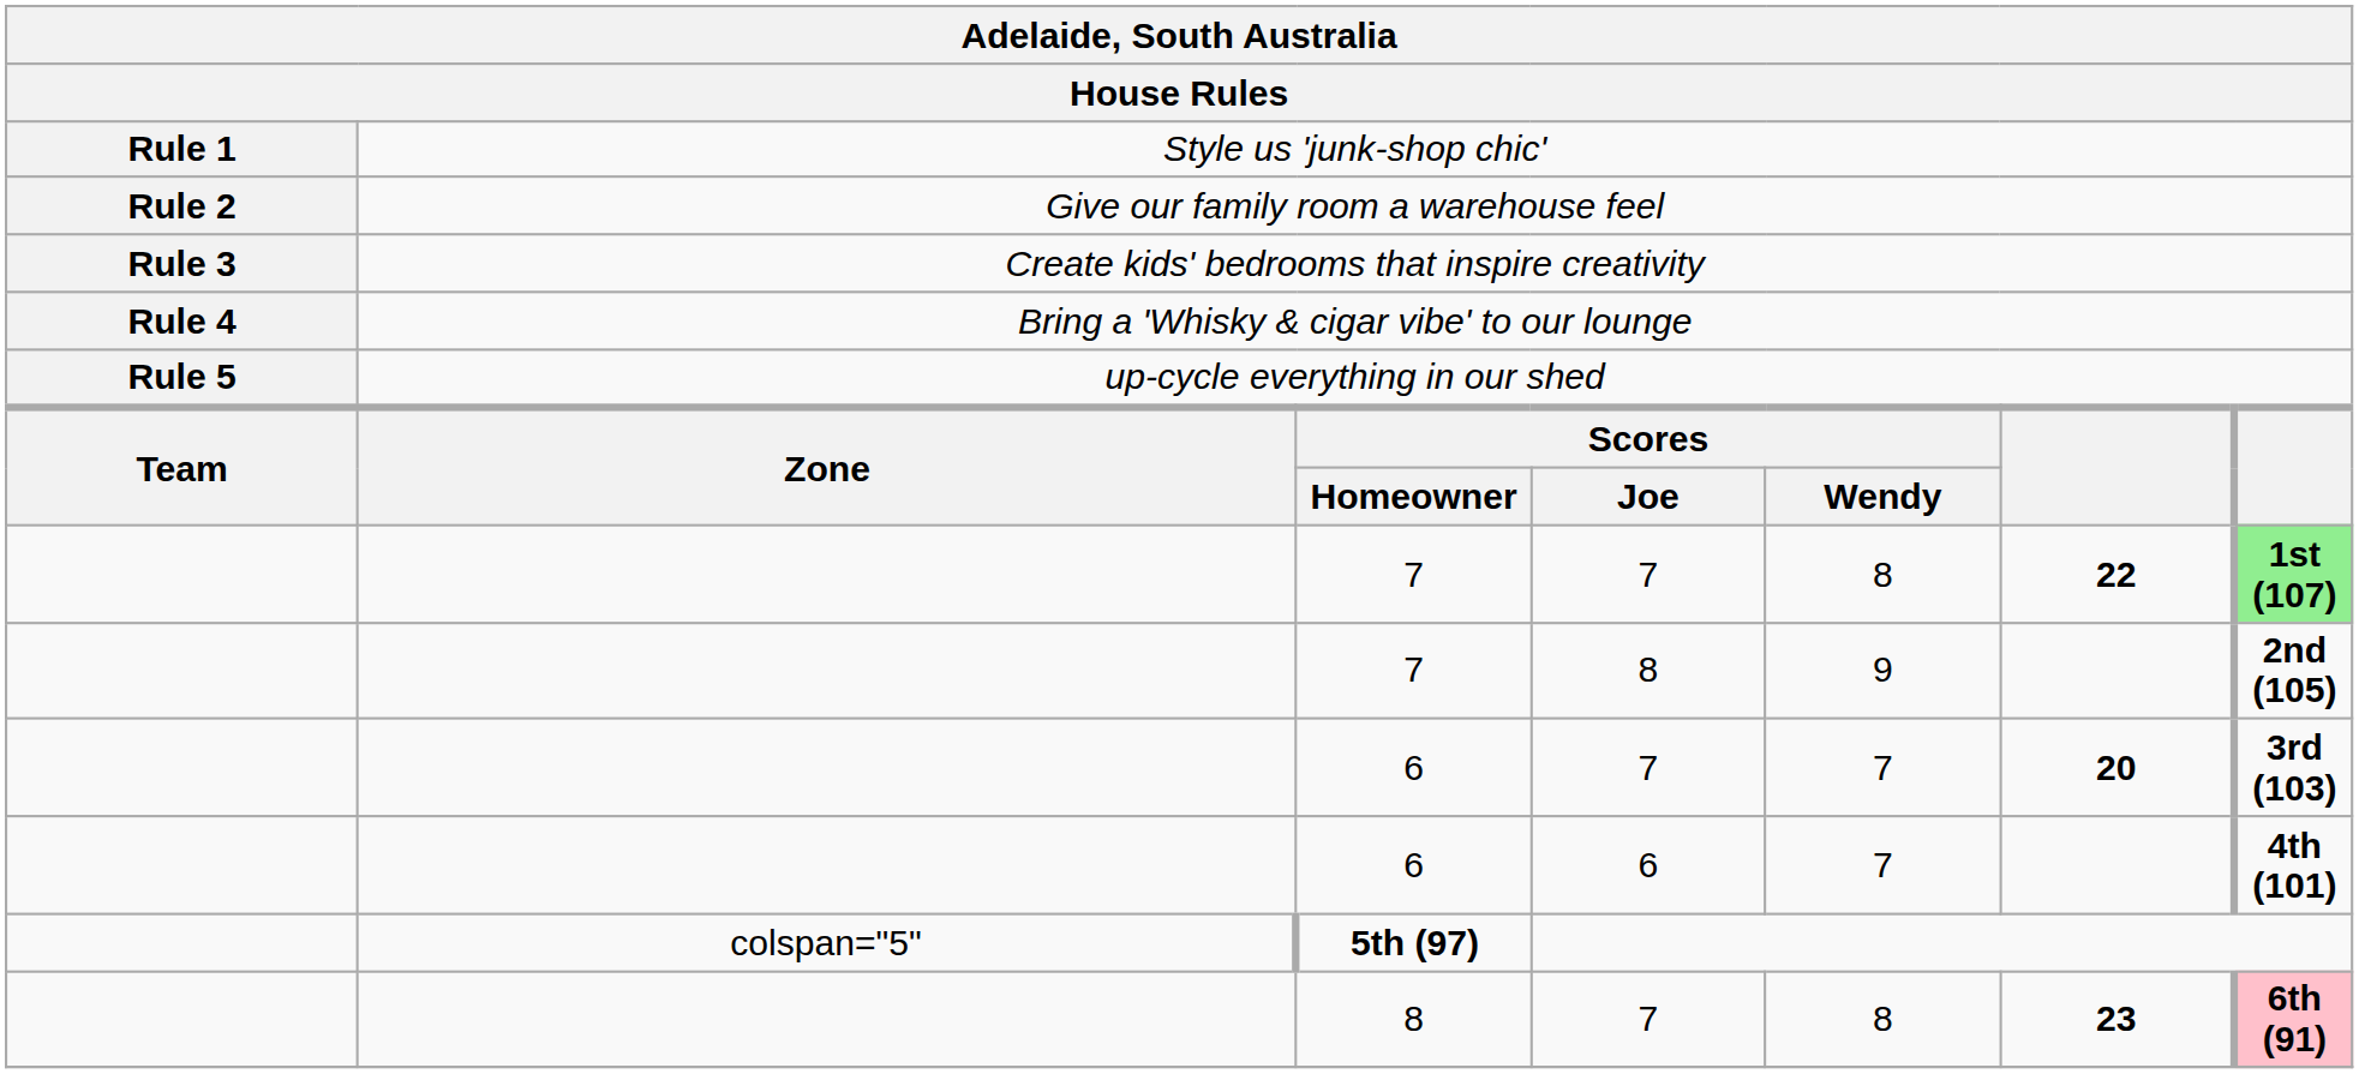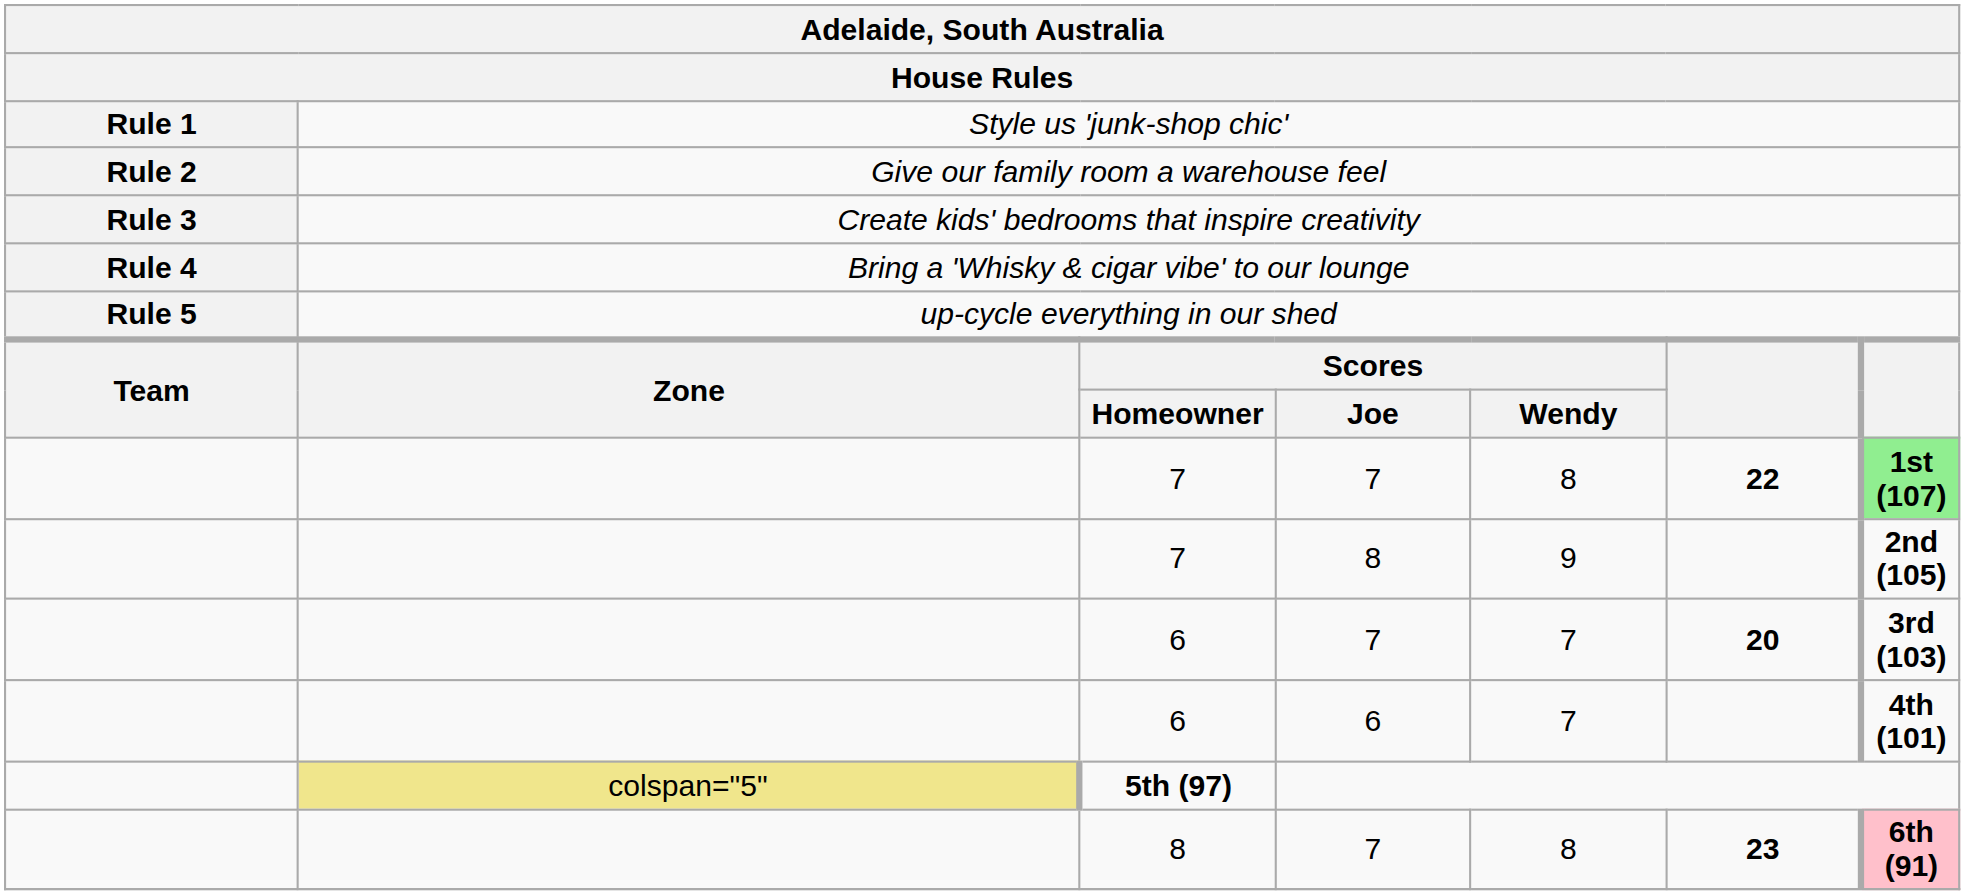 <table class="wikitable plainrowheaders" style="text-align:center; font-size:90%; width:65em;">
 <tr>
 <th colspan="7" >Adelaide, South Australia</th>
 </tr>
 <tr>
 <th colspan="7">House Rules</th>
 </tr>
 <tr>
 <th>Rule 1</th>
 <td colspan="6"><em>Style us 'junk-shop chic' </em></td>
 </tr>
 <tr>
 <th>Rule 2</th>
 <td colspan="6"><em>Give our family room a warehouse feel</em></td>
 </tr>
 <tr>
 <th>Rule 3</th>
 <td colspan="6"><em>Create kids' bedrooms that inspire creativity</em></td>
 </tr>
 <tr>
 <th>Rule 4</th>
 <td colspan="6"><em>Bring a 'Whisky & cigar vibe' to our lounge</em></td>
 </tr>
 <tr>
 <th>Rule 5</th>
 <td colspan="6"><em>up-cycle everything in our shed</em></td>
 </tr>
 <tr style="border-top:3px solid #aaa;">
 <th rowspan="2">Team</th>
 <th rowspan="2" style="width:40%;">Zone</th>
 <th colspan="3" style="width:40%;">Scores</th>
 <th rowspan="2" style="width:10%;"></th>
 <th rowspan="2" style="width:10%; border-left:3px solid #aaa;"></th>
 </tr>
 <tr>
 <th style="width:10%;">Homeowner</th>
 <th style="width:10%;">Joe</th>
 <th style="width:10%;">Wendy</th>
 </tr>
 <tr>
 <td style="width:15%;"></td>
 <td></td>
 <td>7</td>
 <td>7</td>
 <td>8</td>
 <td><strong>22</strong></td>
 <td style="border-left:3px solid #aaa;" bgcolor="lightgreen"><strong>1st (107)</strong></td>
 </tr>
 <tr>
 <td style="width:15%;"></td>
 <td></td>
 <td>7</td>
 <td>8</td>
 <td>9</td>
 <td></td>
 <td style="border-left:3px solid #aaa;"><strong>2nd (105)</strong></td>
 </tr>
 <tr>
 <td style="width:15%;"></td>
 <td></td>
 <td>6</td>
 <td>7</td>
 <td>7</td>
 <td><strong>20</strong></td>
 <td style="border-left:3px solid #aaa;"><strong>3rd (103)</strong></td>
 </tr>
 <tr>
 <td style="width:15%;"></td>
 <td></td>
 <td>6</td>
 <td>6</td>
 <td>7</td>
 <td></td>
 <td style="border-left:3px solid #aaa;"><strong>4th (101)</strong></td>
 </tr>
 <tr>
 <td style="width:15%;"></td>
-<td>colspan="5" </td>
+<td style="background: khaki;">colspan="5" </td>
 <td style="border-left:3px solid #aaa;"><strong>5th (97)</strong></td>
 </tr>
 <tr>
 <td style="width:15%;"></td>
 <td></td>
 <td>8</td>
 <td>7</td>
 <td>8</td>
 <td><strong>23</strong></td>
 <td style="border-left:3px solid #aaa;" bgcolor="pink"><strong>6th (91)</strong></td>
 </tr>
 <tr>
 </tr>
 </table>
